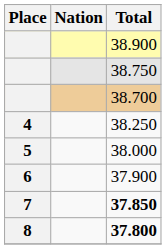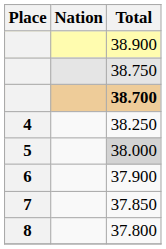 <table class="wikitable sortable">
 <tr>
 <th>Place</th>
 <th>Nation</th>
 <th>Total</th>
 </tr>
 <tr bgcolor=fffcaf>
 <th></th>
 <td></td>
 <td>38.900</td>
 </tr>
 <tr bgcolor=e5e5e5>
 <th></th>
 <td></td>
 <td>38.750</td>
 </tr>
 <tr bgcolor=eecc99>
 <th></th>
 <td></td>
-<td>38.700</td>
+<td><strong>38.700</strong></td>
 </tr>
 <tr>
 <th>4</th>
 <td></td>
 <td>38.250</td>
 </tr>
 <tr>
 <th>5</th>
 <td></td>
-<td>38.000</td>
+<td style="background: lightgrey;">38.000</td>
 </tr>
 <tr>
 <th>6</th>
 <td></td>
 <td>37.900</td>
 </tr>
 <tr>
 <th>7</th>
 <td></td>
-<td><strong>37.850</strong></td>
+<td>37.850</td>
 </tr>
 <tr>
 <th>8</th>
 <td></td>
-<td><strong>37.800</strong></td>
+<td>37.800</td>
 </tr>
 <tr>
 </tr>
 </table>
